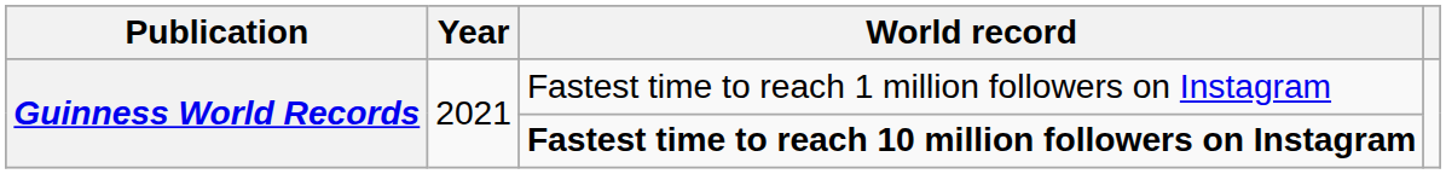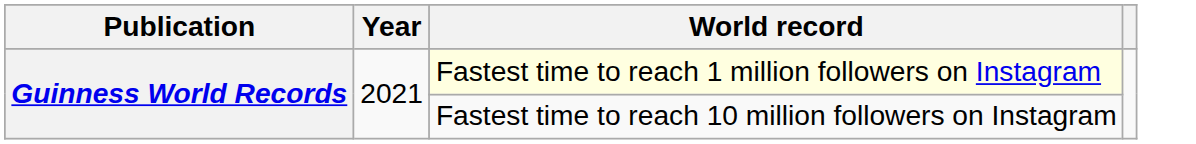 <table class="wikitable sortable plainrowheaders">
 <tr>
 <th scope="col">Publication</th>
 <th scope="col">Year</th>
 <th scope="col">World record</th>
 <th scope="col" class="unsortable"></th>
 </tr>
 <tr>
 <th rowspan="2" scope="row"><em><a href='#'>Guinness World Records</a></em></th>
 <td rowspan="2">2021</td>
-<td>Fastest time to reach 1 million followers on <a href='#'>Instagram</a></td>
+<td style="background: lightyellow;">Fastest time to reach 1 million followers on <a href='#'>Instagram</a></td>
 <td style="text-align:center;" rowspan="2"></td>
 </tr>
 <tr>
-<td><strong>Fastest time to reach 10 million followers on Instagram</strong></td>
+<td>Fastest time to reach 10 million followers on Instagram</td>
 </tr>
 </table>
